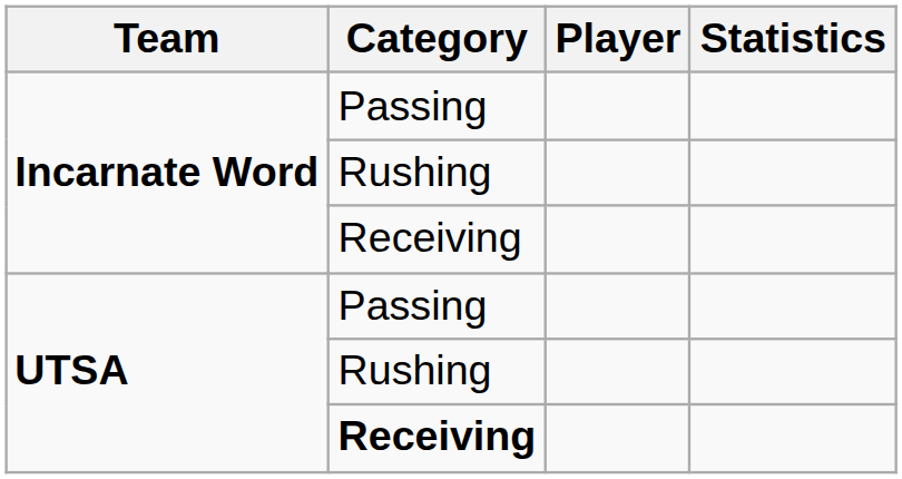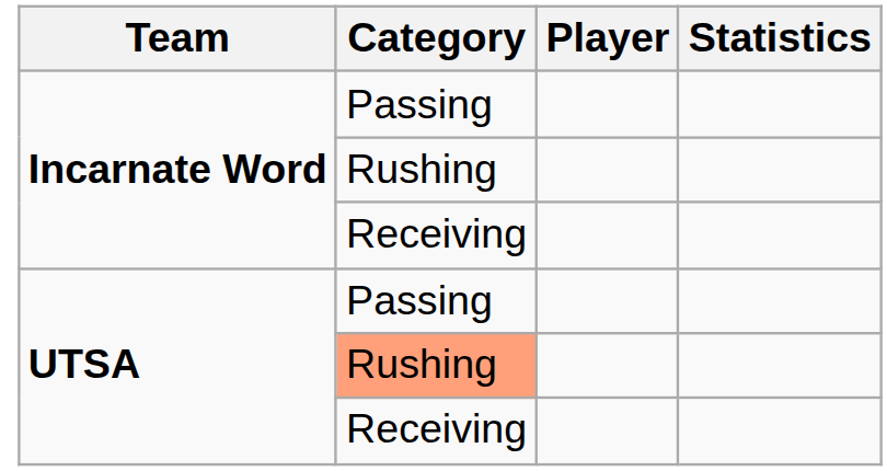 <table class="wikitable" style="float: right;">
 <tr>
 <th>Team</th>
 <th>Category</th>
 <th>Player</th>
 <th>Statistics</th>
 </tr>
 <tr>
 <td rowspan=3><strong>Incarnate Word</strong></td>
 <td>Passing</td>
 <td></td>
 <td></td>
 </tr>
 <tr>
 <td>Rushing</td>
 <td></td>
 <td></td>
 </tr>
 <tr>
 <td>Receiving</td>
 <td></td>
 <td></td>
 </tr>
 <tr>
 <td rowspan=3><strong>UTSA</strong></td>
 <td>Passing</td>
 <td></td>
 <td></td>
 </tr>
 <tr>
-<td>Rushing</td>
+<td style="background: lightsalmon;">Rushing</td>
 <td></td>
 <td></td>
 </tr>
 <tr>
-<td><strong>Receiving</strong></td>
+<td>Receiving</td>
 <td></td>
 <td></td>
 </tr>
 </table>
